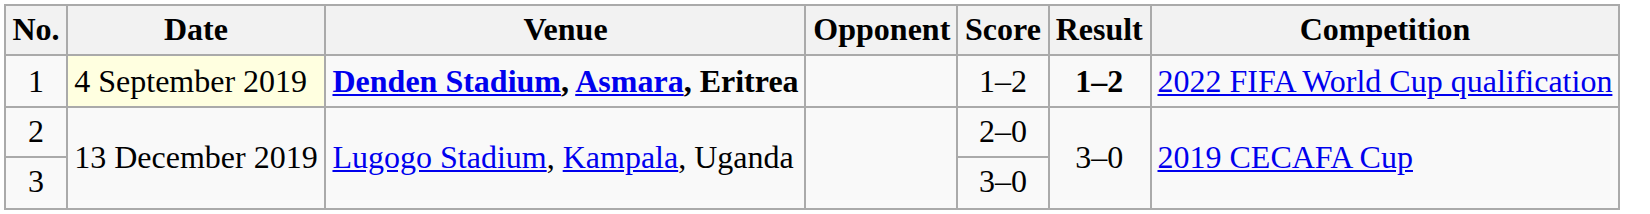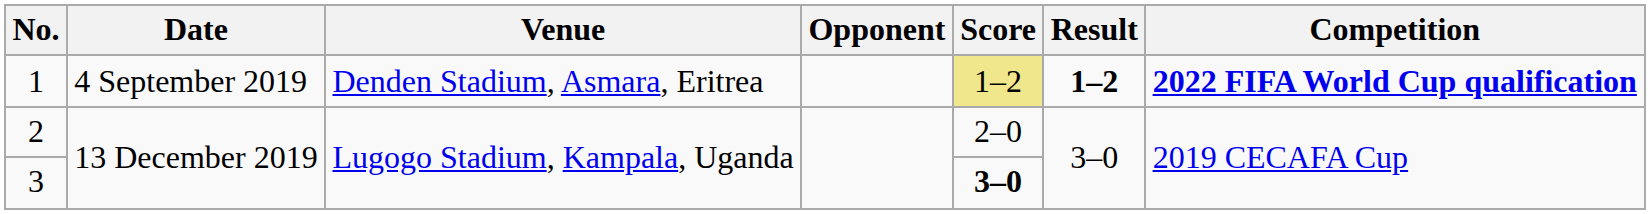 <table class="wikitable sortable">
 <tr>
 <th scope="col">No.</th>
 <th scope="col">Date</th>
 <th scope="col">Venue</th>
 <th scope="col">Opponent</th>
 <th scope="col">Score</th>
 <th scope="col">Result</th>
 <th scope="col">Competition</th>
 </tr>
 <tr>
 <td align="center">1</td>
-<td style="background: lightyellow;">4 September 2019</td>
-<td><strong><a href='#'>Denden Stadium</a>, <a href='#'>Asmara</a>, Eritrea</strong></td>
+<td>4 September 2019</td>
+<td><a href='#'>Denden Stadium</a>, <a href='#'>Asmara</a>, Eritrea</td>
 <td></td>
-<td align="center">1–2</td>
+<td align="center" style="background: khaki;">1–2</td>
 <td align="center"><strong>1–2</strong></td>
-<td><a href='#'>2022 FIFA World Cup qualification</a></td>
+<td><strong><a href='#'>2022 FIFA World Cup qualification</a></strong></td>
 </tr>
 <tr>
 <td align="center">2</td>
 <td rowspan=2>13 December 2019</td>
 <td rowspan=2><a href='#'>Lugogo Stadium</a>, <a href='#'>Kampala</a>, Uganda</td>
 <td rowspan=2></td>
 <td align="center">2–0</td>
 <td rowspan=2 align="center">3–0</td>
 <td rowspan=2><a href='#'>2019 CECAFA Cup</a></td>
 </tr>
 <tr>
 <td align="center">3</td>
-<td align="center">3–0</td>
+<td align="center"><strong>3–0</strong></td>
 </tr>
 <tr>
 </tr>
 </table>
